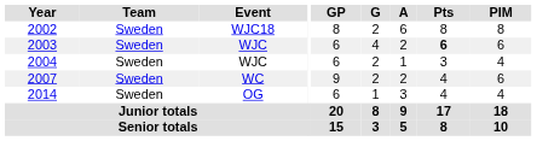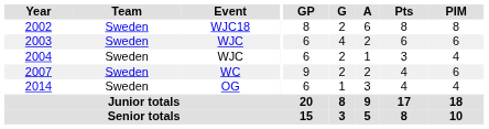 <table border="0" cellpadding="1" cellspacing="0" ID="Table3" style="text-align:center; width:40em">
 <tr bgcolor="#e0e0e0">
 <th>Year</th>
 <th>Team</th>
 <th>Event</th>
 <th rowspan="102" bgcolor="#ffffff"></th>
 <th>GP</th>
 <th>G</th>
 <th>A</th>
 <th>Pts</th>
 <th>PIM</th>
 </tr>
 <tr>
 <td><a href='#'>2002</a></td>
 <td><a href='#'>Sweden</a></td>
 <td><a href='#'>WJC18</a></td>
 <td>8</td>
 <td>2</td>
 <td>6</td>
 <td>8</td>
 <td>8</td>
 </tr>
 <tr bgcolor="#f0f0f0">
 <td><a href='#'>2003</a></td>
 <td><a href='#'>Sweden</a></td>
 <td><a href='#'>WJC</a></td>
 <td>6</td>
 <td>4</td>
 <td>2</td>
-<td><strong>6</strong></td>
+<td>6</td>
 <td>6</td>
 </tr>
 <tr>
 <td><a href='#'>2004</a></td>
 <td>Sweden</td>
 <td>WJC</td>
 <td>6</td>
 <td>2</td>
 <td>1</td>
 <td>3</td>
 <td>4</td>
 </tr>
 <tr bgcolor="#f0f0f0">
 <td><a href='#'>2007</a></td>
 <td><a href='#'>Sweden</a></td>
 <td><a href='#'>WC</a></td>
 <td>9</td>
 <td>2</td>
 <td>2</td>
 <td>4</td>
 <td>6</td>
 </tr>
 <tr>
 <td><a href='#'>2014</a></td>
 <td>Sweden</td>
 <td><a href='#'>OG</a></td>
 <td>6</td>
 <td>1</td>
 <td>3</td>
 <td>4</td>
 <td>4</td>
 </tr>
 <tr bgcolor="#e0e0e0">
 <th colspan="4">Junior totals</th>
 <th>20</th>
 <th>8</th>
 <th>9</th>
 <th>17</th>
 <th>18</th>
 </tr>
 <tr bgcolor="#e0e0e0">
 <th colspan="4">Senior totals</th>
 <th>15</th>
 <th>3</th>
 <th>5</th>
 <th>8</th>
 <th>10</th>
 </tr>
 </table>
